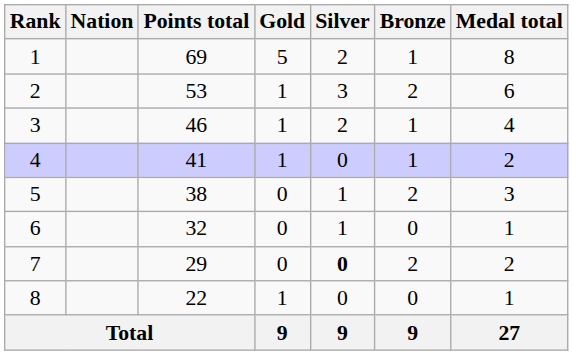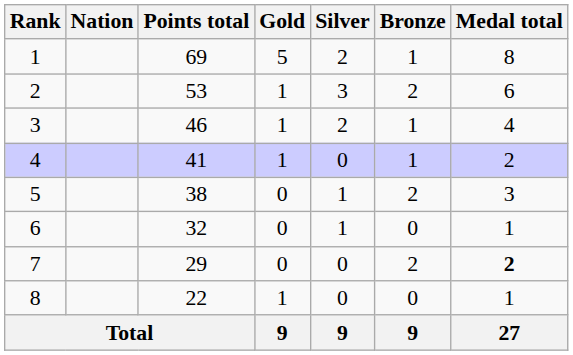 <table class=wikitable sortable style="text-align:center;">
 <tr>
 <th>Rank</th>
 <th>Nation</th>
 <th>Points total</th>
 <th>Gold</th>
 <th>Silver</th>
 <th>Bronze</th>
 <th>Medal total</th>
 </tr>
 <tr>
 <td>1</td>
 <td align=left></td>
 <td>69</td>
 <td>5</td>
 <td>2</td>
 <td>1</td>
 <td>8</td>
 </tr>
 <tr>
 <td>2</td>
 <td align=left></td>
 <td>53</td>
 <td>1</td>
 <td>3</td>
 <td>2</td>
 <td>6</td>
 </tr>
 <tr>
 <td>3</td>
 <td align=left></td>
 <td>46</td>
 <td>1</td>
 <td>2</td>
 <td>1</td>
 <td>4</td>
 </tr>
 <tr style="background-color:#ccccff">
 <td>4</td>
 <td align=left></td>
 <td>41</td>
 <td>1</td>
 <td>0</td>
 <td>1</td>
 <td>2</td>
 </tr>
 <tr>
 <td>5</td>
 <td align=left></td>
 <td>38</td>
 <td>0</td>
 <td>1</td>
 <td>2</td>
 <td>3</td>
 </tr>
 <tr>
 <td>6</td>
 <td align=left></td>
 <td>32</td>
 <td>0</td>
 <td>1</td>
 <td>0</td>
 <td>1</td>
 </tr>
 <tr>
 <td>7</td>
 <td align=left></td>
 <td>29</td>
 <td>0</td>
-<td><strong>0</strong></td>
+<td>0</td>
 <td>2</td>
-<td>2</td>
+<td><strong>2</strong></td>
 </tr>
 <tr>
 <td>8</td>
 <td align=left></td>
 <td>22</td>
 <td>1</td>
 <td>0</td>
 <td>0</td>
 <td>1</td>
 </tr>
 <tr class="sortbottom">
 <th colspan=3>Total</th>
 <th>9</th>
 <th>9</th>
 <th>9</th>
 <th>27</th>
 </tr>
 </table>
